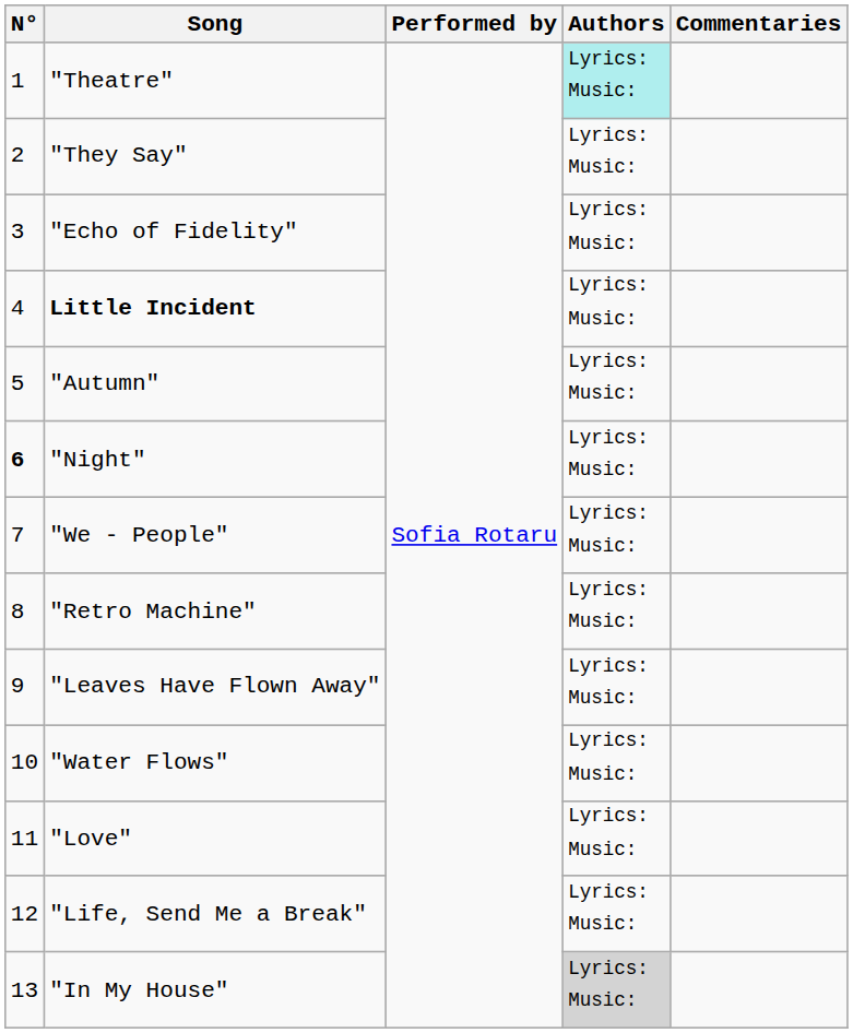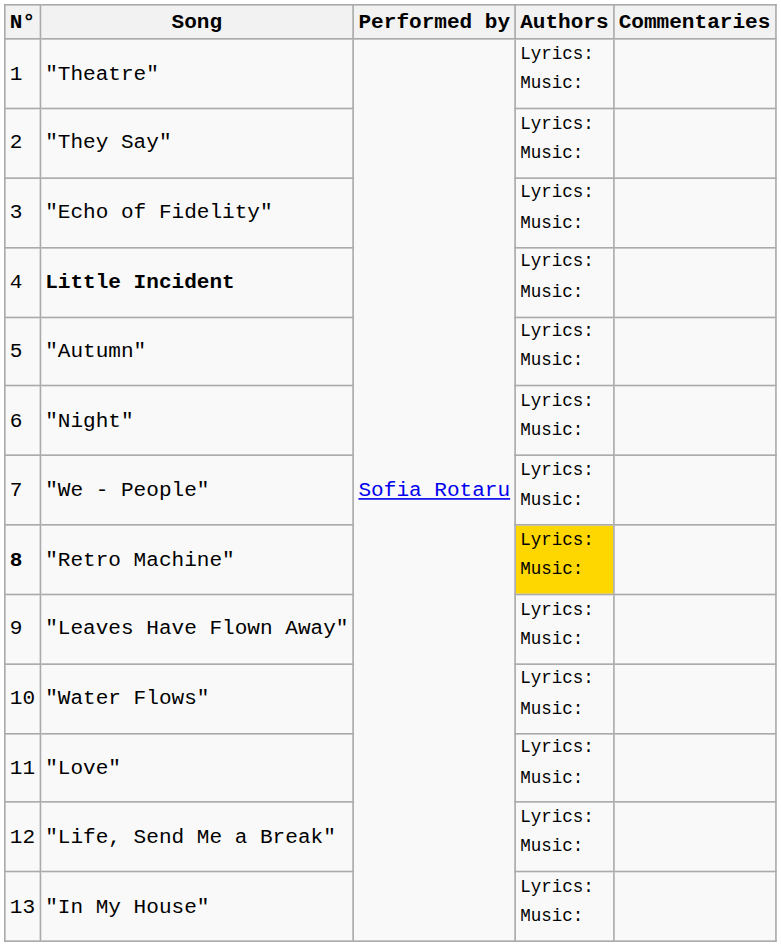 <table class="wikitable">
 <tr>
 <th>N°</th>
 <th>Song</th>
 <th>Performed by</th>
 <th>Authors</th>
 <th>Commentaries</th>
 </tr>
 <tr>
 <td>1</td>
 <td>"Theatre"<br></td>
 <td rowspan="13"><a href='#'>Sofia Rotaru</a></td>
-<td style="background: paleturquoise;"><sup>Lyrics: <br>Music: </sup></td>
+<td><sup>Lyrics: <br>Music: </sup></td>
 <td></td>
 </tr>
 <tr>
 <td>2</td>
 <td>"They Say"<br></td>
 <td><sup>Lyrics: <br>Music: </sup></td>
 <td></td>
 </tr>
 <tr>
 <td>3</td>
 <td>"Echo of Fidelity"<br></td>
 <td><sup>Lyrics: <br>Music: </sup></td>
 <td></td>
 </tr>
 <tr>
 <td>4</td>
 <td><strong>Little Incident</strong> <br></td>
 <td><sup>Lyrics: <br>Music: </sup></td>
 <td></td>
 </tr>
 <tr>
 <td>5</td>
 <td>"Autumn"<br></td>
 <td><sup>Lyrics: <br>Music: </sup></td>
 <td></td>
 </tr>
 <tr>
-<td><strong>6</strong></td>
+<td>6</td>
 <td>"Night"<br></td>
 <td><sup>Lyrics: <br>Music: </sup></td>
 <td></td>
 </tr>
 <tr>
 <td>7</td>
 <td>"We - People"<br></td>
 <td><sup>Lyrics: <br>Music: </sup></td>
 <td></td>
 </tr>
 <tr>
-<td>8</td>
+<td><strong>8</strong></td>
 <td>"Retro Machine"<br></td>
-<td><sup>Lyrics: <br>Music: </sup></td>
+<td style="background: gold;"><sup>Lyrics: <br>Music: </sup></td>
 <td></td>
 </tr>
 <tr>
 <td>9</td>
 <td>"Leaves Have Flown Away"<br></td>
 <td><sup>Lyrics: <br>Music: </sup></td>
 <td></td>
 </tr>
 <tr>
 <td>10</td>
 <td>"Water Flows"<br></td>
 <td><sup>Lyrics: <br>Music: </sup></td>
 <td></td>
 </tr>
 <tr>
 <td>11</td>
 <td>"Love"<br></td>
 <td><sup>Lyrics: <br>Music: </sup></td>
 <td></td>
 </tr>
 <tr>
 <td>12</td>
 <td>"Life, Send Me a Break"<br></td>
 <td><sup>Lyrics: <br>Music: </sup></td>
 <td></td>
 </tr>
 <tr>
 <td>13</td>
 <td>"In My House"<br></td>
-<td style="background: lightgrey;"><sup>Lyrics: <br>Music: </sup></td>
+<td><sup>Lyrics: <br>Music: </sup></td>
 <td></td>
 </tr>
 </table>
